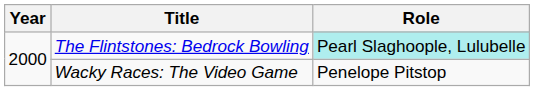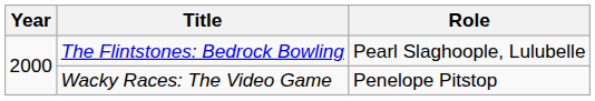 <table class="wikitable" style="font-size: 90%;">
 <tr>
 <th>Year</th>
 <th>Title</th>
 <th>Role</th>
 </tr>
 <tr>
 <td rowspan="2">2000</td>
 <td><em><a href='#'>The Flintstones: Bedrock Bowling</a></em></td>
-<td style="background: paleturquoise;">Pearl Slaghoople, Lulubelle</td>
+<td>Pearl Slaghoople, Lulubelle</td>
 </tr>
 <tr>
 <td><em>Wacky Races: The Video Game</em></td>
 <td>Penelope Pitstop</td>
 </tr>
 </table>
